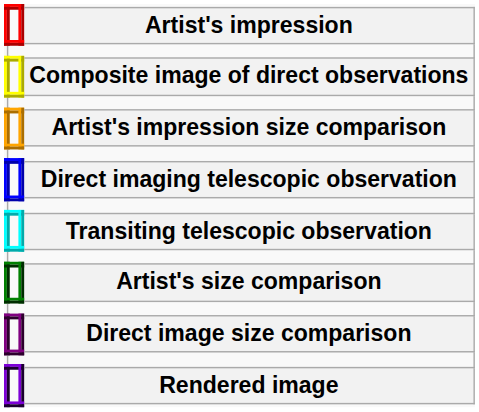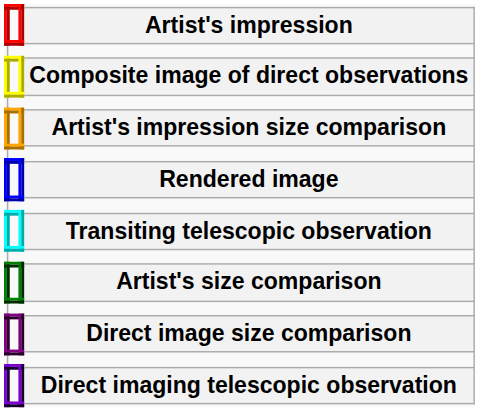 <table class="wikitable">
 <tr>
 <td style="border:4px ridge red;"></td>
 <th>Artist's impression</th>
 </tr>
 <tr>
 <td colspan="2"></td>
 </tr>
 <tr>
 <td style="border:4px ridge yellow;"></td>
 <th>Composite image of direct observations</th>
 </tr>
 <tr>
 <td colspan="2"></td>
 </tr>
 <tr>
 <td style="border:4px ridge orange;"></td>
 <th>Artist's impression size comparison</th>
 </tr>
 <tr>
 <td colspan="2"></td>
 </tr>
 <tr>
 <td style="border:4px ridge blue;"></td>
-<th>Direct imaging telescopic observation</th>
+<th>Rendered image</th>
 </tr>
 <tr>
 <td colspan="2"></td>
 </tr>
 <tr>
 <td style="border:4px ridge cyan;"></td>
 <th>Transiting telescopic observation</th>
 </tr>
 <tr>
 <td colspan="2"></td>
 </tr>
 <tr>
 <td style="border:4px ridge green;"></td>
 <th>Artist's size comparison</th>
 </tr>
 <tr>
 <td colspan="2"></td>
 </tr>
 <tr>
 <td style="border:4px ridge purple;"></td>
 <th>Direct image size comparison</th>
 </tr>
 <tr>
 <td colspan="2"></td>
 </tr>
 <tr>
 <td style="border:4px ridge indigo;"></td>
-<th>Rendered image</th>
+<th>Direct imaging telescopic observation</th>
 </tr>
 </table>
